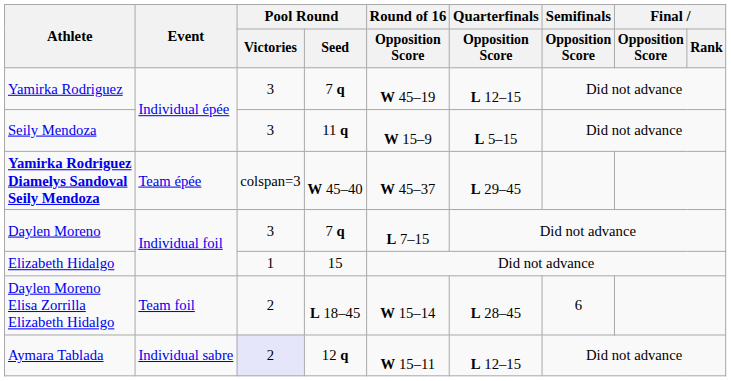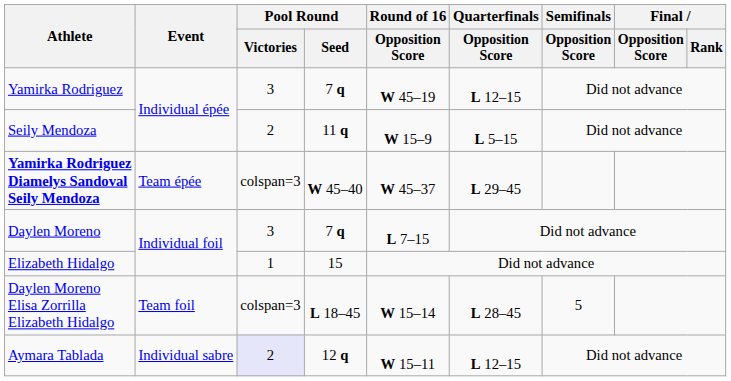 <table class=wikitable style="font-size:90%">
 <tr>
 <th rowspan="2">Athlete</th>
 <th rowspan="2">Event</th>
 <th colspan=2>Pool Round</th>
 <th>Round of 16</th>
 <th>Quarterfinals</th>
 <th>Semifinals</th>
 <th colspan=2>Final / </th>
 </tr>
 <tr style="font-size:95%">
 <th>Victories</th>
 <th>Seed</th>
 <th>Opposition<br>Score</th>
 <th>Opposition<br>Score</th>
 <th>Opposition<br>Score</th>
 <th>Opposition<br>Score</th>
 <th>Rank</th>
 </tr>
 <tr align=center>
 <td align=left><a href='#'>Yamirka Rodriguez</a></td>
 <td align=left rowspan=2><a href='#'>Individual épée</a></td>
 <td>3</td>
 <td>7 <strong>q</strong></td>
 <td><br><strong>W</strong> 45–19</td>
 <td><br><strong>L</strong> 12–15</td>
 <td colspan=3>Did not advance</td>
 </tr>
 <tr align=center>
 <td align=left><a href='#'>Seily Mendoza</a></td>
-<td>3</td>
+<td>2</td>
 <td>11 <strong>q</strong></td>
 <td><br><strong>W</strong> 15–9</td>
 <td><br><strong>L</strong> 5–15</td>
 <td colspan=3>Did not advance</td>
 </tr>
 <tr align=center>
 <td align=left><strong><a href='#'>Yamirka Rodriguez</a><br><a href='#'>Diamelys Sandoval</a><br><a href='#'>Seily Mendoza</a></strong></td>
 <td align=left><a href='#'>Team épée</a></td>
 <td>colspan=3 </td>
 <td><br><strong>W</strong> 45–40</td>
 <td><br><strong>W</strong> 45–37</td>
 <td><br><strong>L</strong> 29–45</td>
 <td></td>
 </tr>
 <tr align=center>
 <td align=left><a href='#'>Daylen Moreno</a></td>
 <td align=left rowspan=2><a href='#'>Individual foil</a></td>
 <td>3</td>
 <td>7 <strong>q</strong></td>
 <td><br><strong>L</strong> 7–15</td>
 <td colspan=4>Did not advance</td>
 </tr>
 <tr align=center>
 <td align=left><a href='#'>Elizabeth Hidalgo</a></td>
 <td>1</td>
 <td>15</td>
 <td colspan=5>Did not advance</td>
 </tr>
 <tr align=center>
 <td align=left><a href='#'>Daylen Moreno</a><br><a href='#'>Elisa Zorrilla</a><br><a href='#'>Elizabeth Hidalgo</a></td>
 <td align=left><a href='#'>Team foil</a></td>
-<td>2</td>
+<td>colspan=3 </td>
 <td><br><strong>L</strong> 18–45</td>
 <td><br><strong>W</strong> 15–14</td>
 <td><br><strong>L</strong> 28–45</td>
-<td>6</td>
+<td>5</td>
 </tr>
 <tr align=center>
 <td align=left><a href='#'>Aymara Tablada</a></td>
 <td align=left><a href='#'>Individual sabre</a></td>
 <td style="background: lavender;">2</td>
 <td>12 <strong>q</strong></td>
 <td><br><strong>W</strong> 15–11</td>
 <td><br><strong>L</strong> 12–15</td>
 <td colspan=3>Did not advance</td>
 </tr>
 </table>
